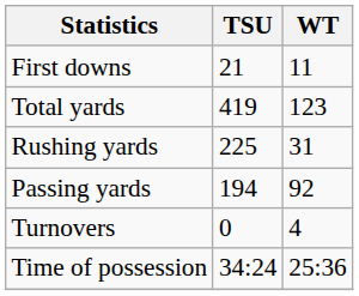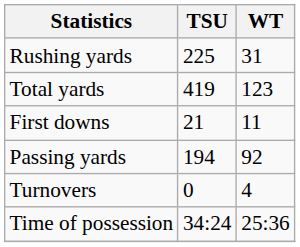 <table class="wikitable">
 <tr>
 <th>Statistics</th>
 <th>TSU</th>
 <th>WT</th>
 </tr>
 <tr>
-<td>First downs</td>
-<td>21</td>
-<td>11</td>
+<td>Rushing yards</td>
+<td>225</td>
+<td>31</td>
 </tr>
 <tr>
 <td>Total yards</td>
 <td>419</td>
 <td>123</td>
 </tr>
 <tr>
-<td>Rushing yards</td>
-<td>225</td>
-<td>31</td>
+<td>First downs</td>
+<td>21</td>
+<td>11</td>
 </tr>
 <tr>
 <td>Passing yards</td>
 <td>194</td>
 <td>92</td>
 </tr>
 <tr>
 <td>Turnovers</td>
 <td>0</td>
 <td>4</td>
 </tr>
 <tr>
 <td>Time of possession</td>
 <td>34:24</td>
 <td>25:36</td>
 </tr>
 <tr>
 </tr>
 </table>
